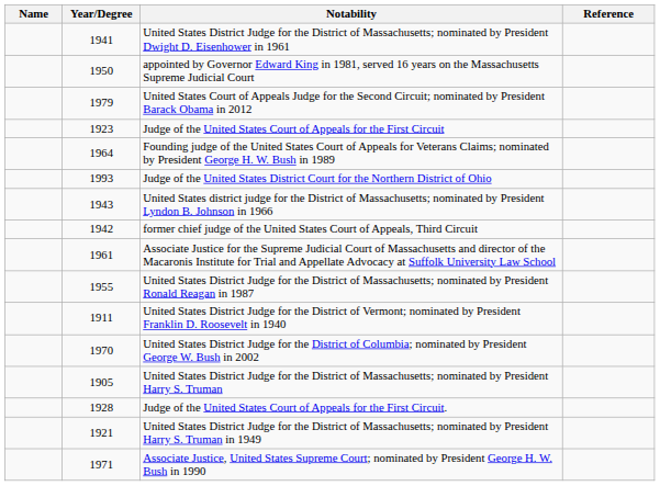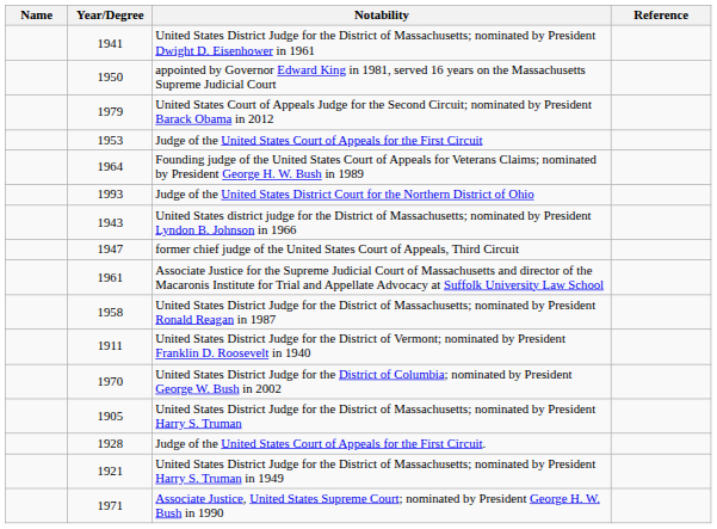 <table class="wikitable sortable" style="width:100%">
 <tr>
 <th style="width:*;">Name</th>
 <th style="width:12%;">Year/Degree</th>
 <th style="width:65%;" class="unsortable">Notability</th>
 <th style="width:*;" class="unsortable">Reference</th>
 </tr>
 <tr>
 <td></td>
 <td style="text-align:center;">1941</td>
 <td>United States District Judge for the District of Massachusetts; nominated by President <a href='#'>Dwight D. Eisenhower</a> in 1961</td>
 <td style="text-align:center;"></td>
 </tr>
 <tr>
 <td></td>
 <td style="text-align:center;">1950</td>
 <td>appointed by Governor <a href='#'>Edward King</a> in 1981, served 16 years on the Massachusetts Supreme Judicial Court</td>
 <td style="text-align:center;"></td>
 </tr>
 <tr>
 <td></td>
 <td style="text-align:center;">1979</td>
 <td>United States Court of Appeals Judge for the Second Circuit; nominated by President <a href='#'>Barack Obama</a> in 2012</td>
 <td style="text-align:center;"></td>
 </tr>
 <tr>
 <td></td>
-<td style="text-align:center;">1923</td>
+<td style="text-align:center;">1953</td>
 <td>Judge of the <a href='#'>United States Court of Appeals for the First Circuit</a></td>
 <td style="text-align:center;"></td>
 </tr>
 <tr>
 <td></td>
 <td style="text-align:center;">1964</td>
 <td>Founding judge of the United States Court of Appeals for Veterans Claims; nominated by President <a href='#'>George H. W. Bush</a> in 1989</td>
 <td style="text-align:center;"></td>
 </tr>
 <tr>
 <td></td>
 <td style="text-align:center;">1993</td>
 <td>Judge of the <a href='#'>United States District Court for the Northern District of Ohio</a></td>
 <td style="text-align:center;"></td>
 </tr>
 <tr>
 <td></td>
 <td style="text-align:center;">1943</td>
 <td>United States district judge for the District of Massachusetts; nominated by President <a href='#'>Lyndon B. Johnson</a> in 1966</td>
 <td style="text-align:center;"></td>
 </tr>
 <tr>
 <td></td>
-<td style="text-align:center;">1942</td>
+<td style="text-align:center;">1947</td>
 <td>former chief judge of the United States Court of Appeals, Third Circuit</td>
 <td style="text-align:center;"></td>
 </tr>
 <tr>
 <td></td>
 <td style="text-align:center;">1961</td>
 <td>Associate Justice for the Supreme Judicial Court of Massachusetts and director of the Macaronis Institute for Trial and Appellate Advocacy at <a href='#'>Suffolk University Law School</a></td>
 <td style="text-align:center;"></td>
 </tr>
 <tr>
 <td></td>
-<td style="text-align:center;">1955</td>
+<td style="text-align:center;">1958</td>
 <td>United States District Judge for the District of Massachusetts; nominated by President <a href='#'>Ronald Reagan</a> in 1987</td>
 <td style="text-align:center;"></td>
 </tr>
 <tr>
 <td></td>
 <td style="text-align:center;">1911</td>
 <td>United States District Judge for the District of Vermont; nominated by President <a href='#'>Franklin D. Roosevelt</a> in 1940</td>
 <td style="text-align:center;"></td>
 </tr>
 <tr>
 <td></td>
 <td style="text-align:center;">1970</td>
 <td>United States District Judge for the <a href='#'>District of Columbia</a>; nominated by President <a href='#'>George W. Bush</a> in 2002</td>
 <td style="text-align:center;"></td>
 </tr>
 <tr>
 <td></td>
 <td style="text-align:center;">1905</td>
 <td>United States District Judge for the District of Massachusetts; nominated by President <a href='#'>Harry S. Truman</a></td>
 <td style="text-align:center;"></td>
 </tr>
 <tr>
 <td></td>
 <td style="text-align:center;">1928</td>
 <td>Judge of the <a href='#'>United States Court of Appeals for the First Circuit</a>.</td>
 <td style="text-align:center;"></td>
 </tr>
 <tr>
 <td></td>
 <td style="text-align:center;">1921</td>
 <td>United States District Judge for the District of Massachusetts; nominated by President <a href='#'>Harry S. Truman</a> in 1949</td>
 <td style="text-align:center;"></td>
 </tr>
 <tr>
 <td></td>
 <td style="text-align:center;">1971</td>
 <td><a href='#'>Associate Justice</a>, <a href='#'>United States Supreme Court</a>; nominated by President <a href='#'>George H. W. Bush</a> in 1990</td>
 <td style="text-align:center;"></td>
 </tr>
 </table>
